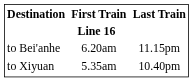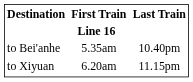 <table style="text-align:centre; font-size:95%; border:1px solid black">
 <tr>
 <th>Destination</th>
 <th></th>
 <th>First Train</th>
 <th></th>
 <th>Last Train</th>
 </tr>
 <tr>
 <th colspan="7" style="background-color:#">Line 16</th>
 </tr>
 <tr>
 <td>to Bei'anhe</td>
 <td></td>
+<td style="text-align:center">5.35am</td>
+<td></td>
+<td style="text-align:center">10.40pm</td>
+</tr>
+<tr>
+<td>to Xiyuan</td>
+<td></td>
 <td style="text-align:center">6.20am</td>
 <td></td>
 <td style="text-align:center">11.15pm</td>
 </tr>
 <tr>
-<td>to Xiyuan</td>
-<td></td>
-<td style="text-align:center">5.35am</td>
-<td></td>
-<td style="text-align:center">10.40pm</td>
-</tr>
-<tr>
 </tr>
 </table>
